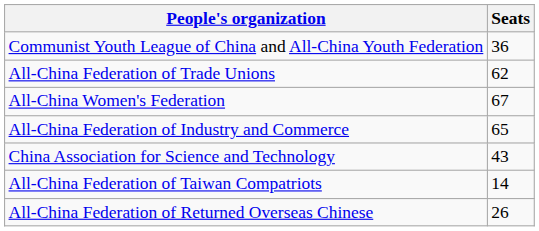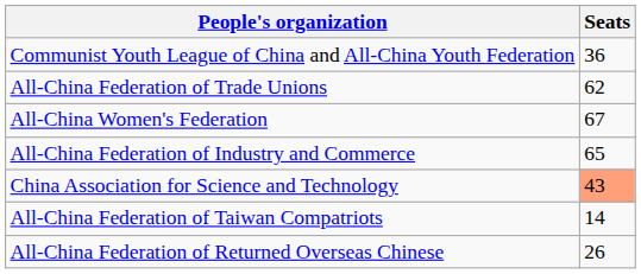 <table class="wikitable">
 <tr>
 <th><a href='#'>People's organization</a></th>
 <th>Seats</th>
 </tr>
 <tr>
 <td><a href='#'>Communist Youth League of China</a> and <a href='#'>All-China Youth Federation</a></td>
 <td>36</td>
 </tr>
 <tr>
 <td><a href='#'>All-China Federation of Trade Unions</a></td>
 <td>62</td>
 </tr>
 <tr>
 <td><a href='#'>All-China Women's Federation</a></td>
 <td>67</td>
 </tr>
 <tr>
 <td><a href='#'>All-China Federation of Industry and Commerce</a></td>
 <td>65</td>
 </tr>
 <tr>
 <td><a href='#'>China Association for Science and Technology</a></td>
-<td>43</td>
+<td style="background: lightsalmon;">43</td>
 </tr>
 <tr>
 <td><a href='#'>All-China Federation of Taiwan Compatriots</a></td>
 <td>14</td>
 </tr>
 <tr>
 <td><a href='#'>All-China Federation of Returned Overseas Chinese</a></td>
 <td>26</td>
 </tr>
 </table>
